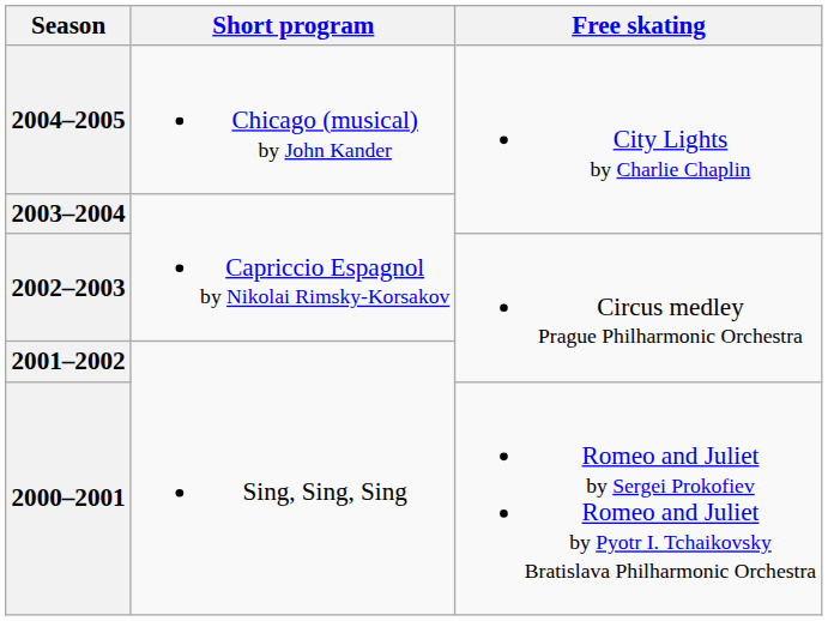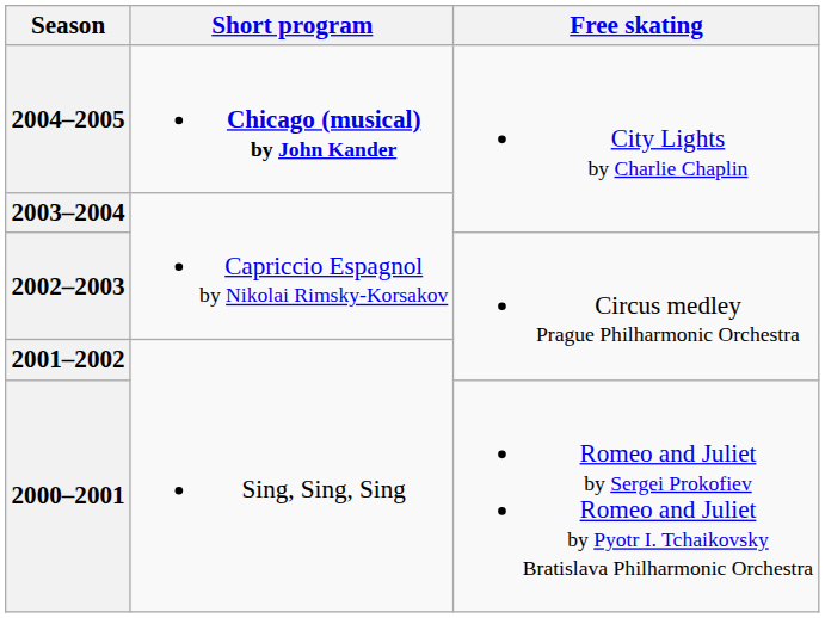 <table class=wikitable style=text-align:center>
 <tr>
 <th>Season</th>
 <th><a href='#'>Short program</a></th>
 <th><a href='#'>Free skating</a></th>
 </tr>
 <tr>
 <th>2004–2005 <br> </th>
-<td><br><ul><li><a href='#'>Chicago (musical)</a> <br><small> by <a href='#'>John Kander</a> </small></li></ul></td>
+<td><strong><br><ul><li><a href='#'>Chicago (musical)</a> <br><small> by <a href='#'>John Kander</a> </small></li></ul></strong></td>
 <td rowspan="2"><br><ul><li><a href='#'>City Lights</a> <br><small> by <a href='#'>Charlie Chaplin</a> </small></li></ul></td>
 </tr>
 <tr>
 <th>2003–2004 <br> </th>
 <td rowspan="2"><br><ul><li><a href='#'>Capriccio Espagnol</a> <br><small> by <a href='#'>Nikolai Rimsky-Korsakov</a> </small></li></ul></td>
 </tr>
 <tr>
 <th>2002–2003 <br> </th>
 <td rowspan="2"><br><ul><li>Circus medley <br><small> Prague Philharmonic Orchestra </small></li></ul></td>
 </tr>
 <tr>
 <th>2001–2002 <br> </th>
 <td rowspan="2"><br><ul><li>Sing, Sing, Sing</li></ul></td>
 </tr>
 <tr>
 <th>2000–2001 <br> </th>
 <td><br><ul><li><a href='#'>Romeo and Juliet</a> <br><small> by <a href='#'>Sergei Prokofiev</a> </small></li><li><a href='#'>Romeo and Juliet</a> <br><small> by <a href='#'>Pyotr I. Tchaikovsky</a> <br> Bratislava Philharmonic Orchestra </small></li></ul></td>
 </tr>
 </table>
